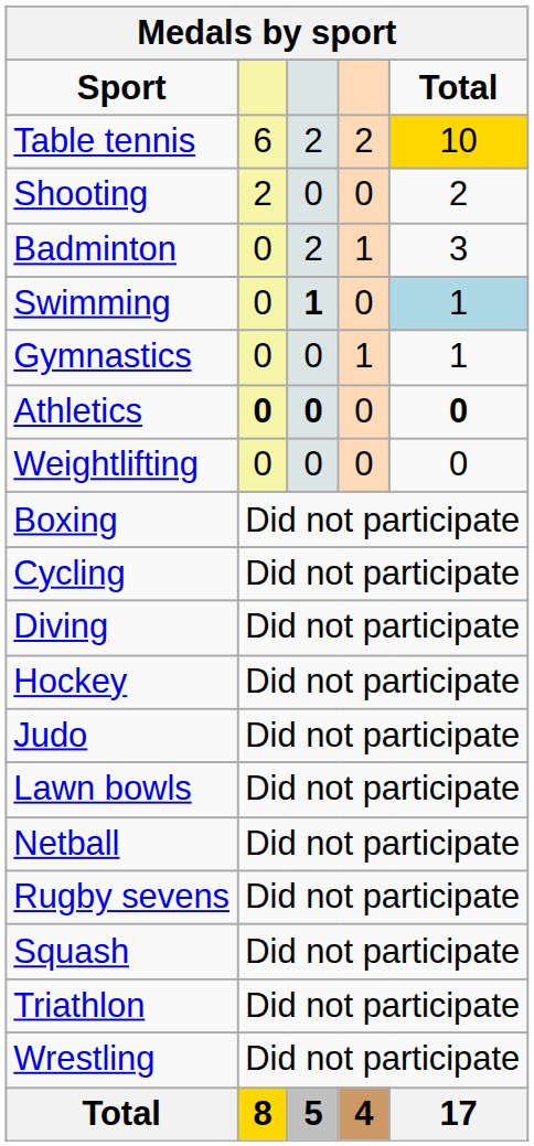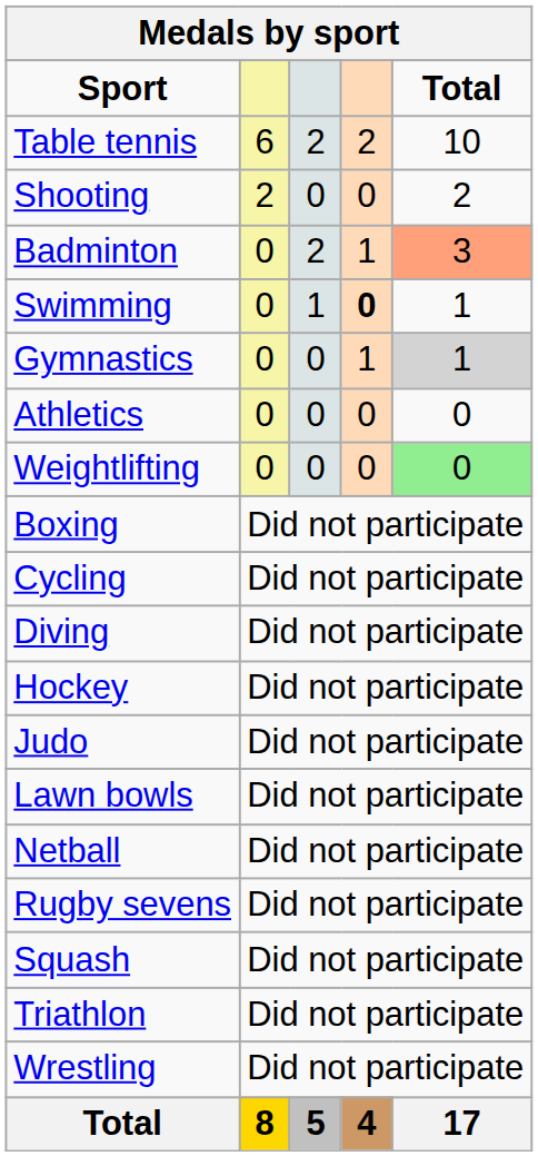 <table class="wikitable" style="font-size:100%; float:right">
 <tr style="background:#efefef;">
 <th colspan=7>Medals by sport</th>
 </tr>
 <tr align=center>
 <td><strong>Sport</strong></td>
 <td bgcolor=#f7f6a8></td>
 <td bgcolor=#dce5e5></td>
 <td bgcolor=#ffdab9></td>
 <td><strong>Total</strong></td>
 </tr>
 <tr align=center>
 <td align=left><a href='#'>Table tennis</a></td>
 <td bgcolor=#f7f6a8>6</td>
 <td bgcolor=#dce5e5>2</td>
 <td bgcolor=#ffdab9>2</td>
-<td style="background: gold;">10</td>
+<td>10</td>
 </tr>
 <tr align=center>
 <td align=left><a href='#'>Shooting</a></td>
 <td bgcolor=#f7f6a8>2</td>
 <td bgcolor=#dce5e5>0</td>
 <td bgcolor=#ffdab9>0</td>
 <td>2</td>
 </tr>
 <tr align=center>
 <td align=left><a href='#'>Badminton</a></td>
 <td bgcolor=#f7f6a8>0</td>
 <td bgcolor=#dce5e5>2</td>
 <td bgcolor=#ffdab9>1</td>
-<td>3</td>
+<td style="background: lightsalmon;">3</td>
 </tr>
 <tr align=center>
 <td align=left><a href='#'>Swimming</a></td>
 <td bgcolor=#f7f6a8>0</td>
-<td bgcolor=#dce5e5><strong>1</strong></td>
-<td bgcolor=#ffdab9>0</td>
-<td style="background: lightblue;">1</td>
+<td bgcolor=#dce5e5>1</td>
+<td bgcolor=#ffdab9><strong>0</strong></td>
+<td>1</td>
 </tr>
 <tr align=center>
 <td align=left><a href='#'>Gymnastics</a></td>
 <td bgcolor=#f7f6a8>0</td>
 <td bgcolor=#dce5e5>0</td>
 <td bgcolor=#ffdab9>1</td>
-<td>1</td>
+<td style="background: lightgrey;">1</td>
 </tr>
 <tr align=center>
 <td align=left><a href='#'>Athletics</a></td>
-<td bgcolor=#f7f6a8><strong>0</strong></td>
-<td bgcolor=#dce5e5><strong>0</strong></td>
+<td bgcolor=#f7f6a8>0</td>
+<td bgcolor=#dce5e5>0</td>
 <td bgcolor=#ffdab9>0</td>
-<td><strong>0</strong></td>
+<td>0</td>
 </tr>
 <tr align=center>
 <td align=left><a href='#'>Weightlifting</a></td>
 <td bgcolor=#f7f6a8>0</td>
 <td bgcolor=#dce5e5>0</td>
 <td bgcolor=#ffdab9>0</td>
-<td>0</td>
+<td style="background: lightgreen;">0</td>
 </tr>
 <tr align=center>
 <td align=left><a href='#'>Boxing</a></td>
 <td colspan=4>Did not participate</td>
 </tr>
 <tr align=center>
 <td align=left><a href='#'>Cycling</a></td>
 <td colspan=4>Did not participate</td>
 </tr>
 <tr align=center>
 <td align=left><a href='#'>Diving</a></td>
 <td colspan=4>Did not participate</td>
 </tr>
 <tr align=center>
 <td align=left><a href='#'>Hockey</a></td>
 <td colspan=4>Did not participate</td>
 </tr>
 <tr align=center>
 <td align=left><a href='#'>Judo</a></td>
 <td colspan=4>Did not participate</td>
 </tr>
 <tr align=center>
 <td align=left><a href='#'>Lawn bowls</a></td>
 <td colspan=4>Did not participate</td>
 </tr>
 <tr align=center>
 <td align=left><a href='#'>Netball</a></td>
 <td colspan=4>Did not participate</td>
 </tr>
 <tr align=center>
 <td align=left><a href='#'>Rugby sevens</a></td>
 <td colspan=4>Did not participate</td>
 </tr>
 <tr align=center>
 <td align=left><a href='#'>Squash</a></td>
 <td colspan=4>Did not participate</td>
 </tr>
 <tr align=center>
 <td align=left><a href='#'>Triathlon</a></td>
 <td colspan=4>Did not participate</td>
 </tr>
 <tr align=center>
 <td align=left><a href='#'>Wrestling</a></td>
 <td colspan=4>Did not participate</td>
 </tr>
 <tr>
 <th>Total</th>
 <th style="background:gold;">8</th>
 <th style="background:silver;">5</th>
 <th style="background:#c96;">4</th>
 <th>17</th>
 </tr>
 </table>
